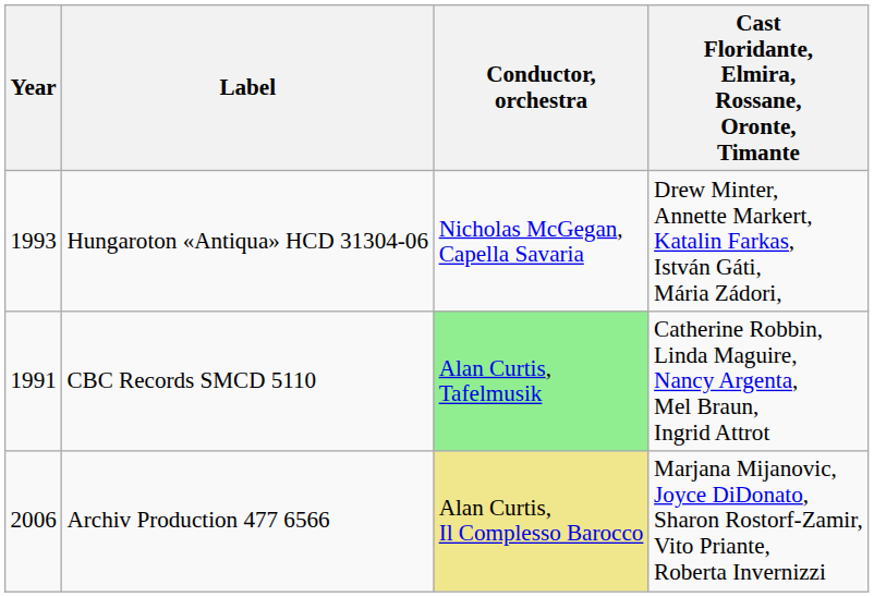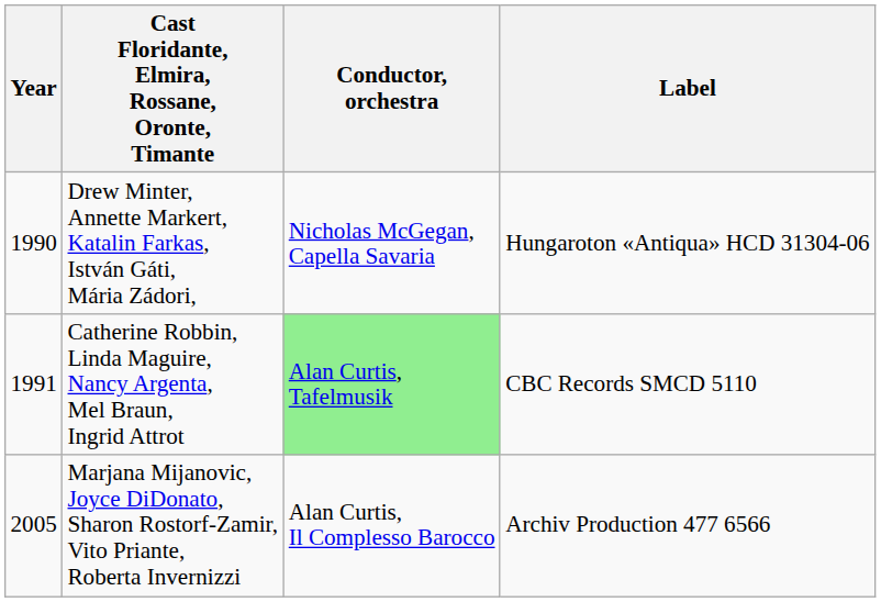 <table class="wikitable">
 <tr>
 <th>Year</th>
+<th>Cast<br>Floridante,<br>Elmira,<br>Rossane,<br>Oronte,<br>Timante</th>
+<th>Conductor,<br>orchestra</th>
 <th>Label</th>
-<th>Conductor,<br>orchestra</th>
-<th>Cast<br>Floridante,<br>Elmira,<br>Rossane,<br>Oronte,<br>Timante</th>
 </tr>
 <tr>
-<td>1993</td>
+<td>1990</td>
+<td>Drew Minter,<br>Annette Markert,<br><a href='#'>Katalin Farkas</a>, <br>István Gáti,<br>Mária Zádori,<br></td>
+<td><a href='#'>Nicholas McGegan</a>,<br> <a href='#'>Capella Savaria</a></td>
 <td>Hungaroton «Antiqua» HCD 31304-06</td>
-<td><a href='#'>Nicholas McGegan</a>,<br> <a href='#'>Capella Savaria</a></td>
-<td>Drew Minter,<br>Annette Markert,<br><a href='#'>Katalin Farkas</a>, <br>István Gáti,<br>Mária Zádori,<br></td>
 </tr>
 <tr>
 <td>1991</td>
+<td>Catherine Robbin,<br>Linda Maguire,<br><a href='#'>Nancy Argenta</a>,<br>Mel Braun,<br>Ingrid Attrot</td>
+<td style="background: lightgreen;"><a href='#'>Alan Curtis</a>,<br><a href='#'>Tafelmusik</a></td>
 <td>CBC Records SMCD 5110</td>
-<td style="background: lightgreen;"><a href='#'>Alan Curtis</a>,<br><a href='#'>Tafelmusik</a></td>
-<td>Catherine Robbin,<br>Linda Maguire,<br><a href='#'>Nancy Argenta</a>,<br>Mel Braun,<br>Ingrid Attrot</td>
 </tr>
 <tr>
-<td>2006</td>
+<td>2005</td>
+<td>Marjana Mijanovic, <br><a href='#'>Joyce DiDonato</a>,<br>Sharon Rostorf-Zamir,<br> Vito Priante,<br> Roberta Invernizzi<br></td>
+<td>Alan Curtis, <br><a href='#'>Il Complesso Barocco</a></td>
 <td>Archiv Production 477 6566</td>
-<td style="background: khaki;">Alan Curtis, <br><a href='#'>Il Complesso Barocco</a></td>
-<td>Marjana Mijanovic, <br><a href='#'>Joyce DiDonato</a>,<br>Sharon Rostorf-Zamir,<br> Vito Priante,<br> Roberta Invernizzi<br></td>
 </tr>
 </table>
